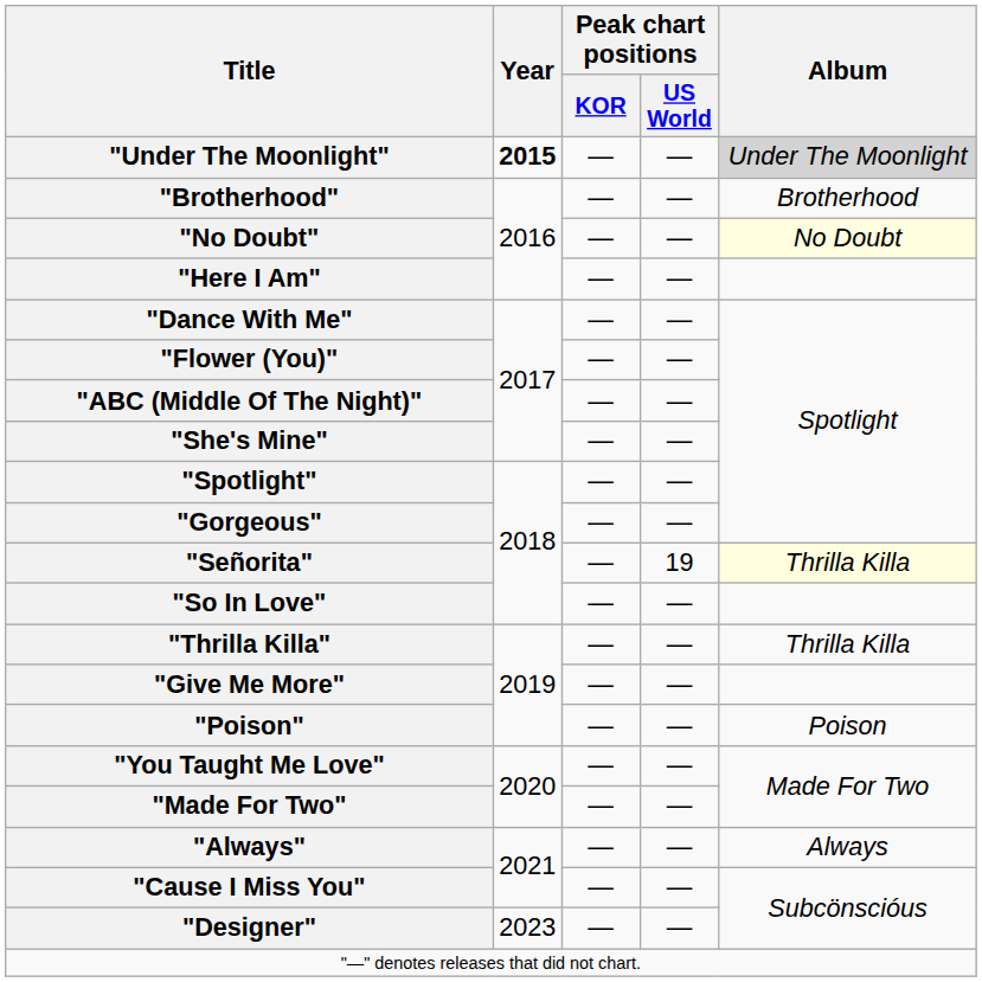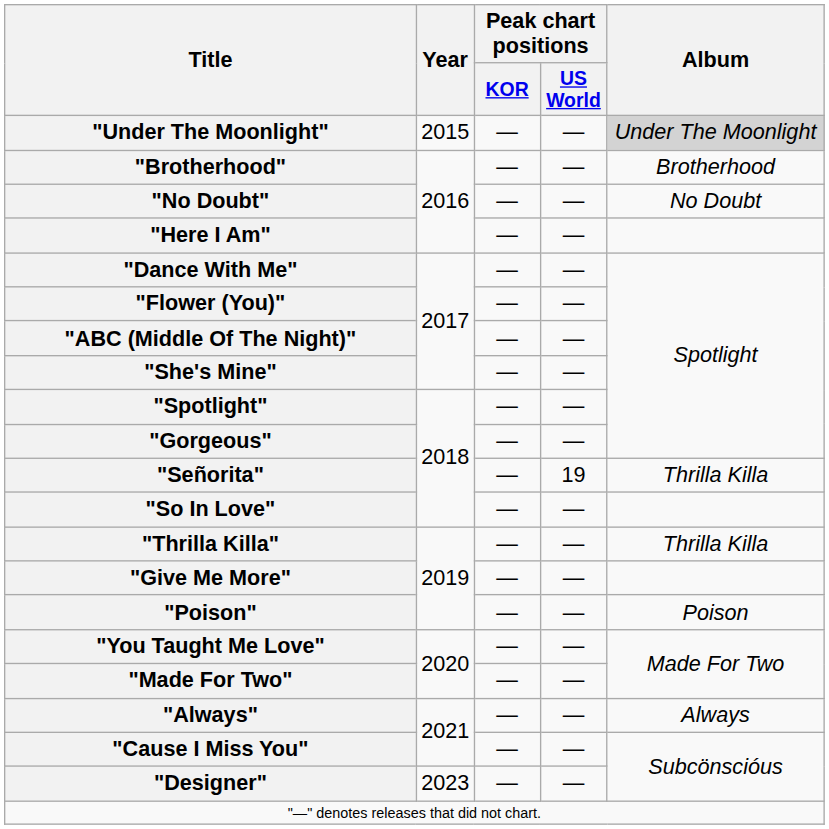 <table class="wikitable plainrowheaders" style="text-align:center;" border="1">
 <tr>
 <th scope="col" rowspan="2" style="width:20em;">Title</th>
 <th scope="col" rowspan="2">Year</th>
 <th scope="col" colspan="2">Peak chart <br> positions</th>
 <th scope="col" rowspan="2" style="width:10em;">Album</th>
 </tr>
 <tr>
 <th scope="col" style="width:3em;font-size:90%"><a href='#'>KOR</a><br></th>
 <th scope="col" style="width:3em;font-size:90%"><a href='#'>US World</a><br></th>
 </tr>
 <tr>
 <th scope="row">"Under The Moonlight" </th>
-<td><strong>2015</strong></td>
+<td>2015</td>
 <td>—</td>
 <td>—</td>
 <td style="background: lightgrey;"><em>Under The Moonlight</em></td>
 </tr>
 <tr>
 <th scope="row">"Brotherhood"</th>
 <td rowspan="3">2016</td>
 <td>—</td>
 <td>—</td>
 <td><em>Brotherhood</em></td>
 </tr>
 <tr>
 <th scope="row">"No Doubt" </th>
 <td>—</td>
 <td>—</td>
-<td style="background: lightyellow;"><em>No Doubt</em></td>
+<td><em>No Doubt</em></td>
 </tr>
 <tr>
 <th scope="row">"Here I Am" </th>
 <td>—</td>
 <td>—</td>
 <td></td>
 </tr>
 <tr>
 <th scope="row">"Dance With Me" </th>
 <td rowspan="4">2017</td>
 <td>—</td>
 <td>—</td>
 <td rowspan="6"><em>Spotlight</em></td>
 </tr>
 <tr>
 <th scope="row">"Flower (You)"</th>
 <td>—</td>
 <td>—</td>
 </tr>
 <tr>
 <th scope="row">"ABC (Middle Of The Night)"</th>
 <td>—</td>
 <td>—</td>
 </tr>
 <tr>
 <th scope="row">"She's Mine"</th>
 <td>—</td>
 <td>—</td>
 </tr>
 <tr>
 <th scope="row">"Spotlight" </th>
 <td rowspan="4">2018</td>
 <td>—</td>
 <td>—</td>
 </tr>
 <tr>
 <th scope="row">"Gorgeous" </th>
 <td>—</td>
 <td>—</td>
 </tr>
 <tr>
 <th scope="row">"Señorita"</th>
 <td>—</td>
 <td>19</td>
-<td style="background: lightyellow;"><em>Thrilla Killa</em></td>
+<td><em>Thrilla Killa</em></td>
 </tr>
 <tr>
 <th scope="row">"So In Love"</th>
 <td>—</td>
 <td>—</td>
 <td></td>
 </tr>
 <tr>
 <th scope="row">"Thrilla Killa"</th>
 <td rowspan="3">2019</td>
 <td>—</td>
 <td>—</td>
 <td><em>Thrilla Killa</em></td>
 </tr>
 <tr>
 <th scope="row">"Give Me More"</th>
 <td>—</td>
 <td>—</td>
 <td></td>
 </tr>
 <tr>
 <th scope="row">"Poison"</th>
 <td>—</td>
 <td>—</td>
 <td><em>Poison</em></td>
 </tr>
 <tr>
 <th scope="row">"You Taught Me Love"</th>
 <td rowspan="2">2020</td>
 <td>—</td>
 <td>—</td>
 <td rowspan="2"><em>Made For Two</em></td>
 </tr>
 <tr>
 <th scope="row">"Made For Two"</th>
 <td>—</td>
 <td>—</td>
 </tr>
 <tr>
 <th scope="row">"Always"</th>
 <td rowspan="2">2021</td>
 <td>—</td>
 <td>—</td>
 <td><em>Always</em></td>
 </tr>
 <tr>
 <th scope="row">"Cause I Miss You" </th>
 <td>—</td>
 <td>—</td>
 <td rowspan="2"><em>Subcönscióus</em></td>
 </tr>
 <tr>
 <th scope="row">"Designer"</th>
 <td>2023</td>
 <td>—</td>
 <td>—</td>
 </tr>
 <tr>
 <td colspan="7" style="font-size:8pt">"—" denotes releases that did not chart.</td>
 </tr>
 </table>
